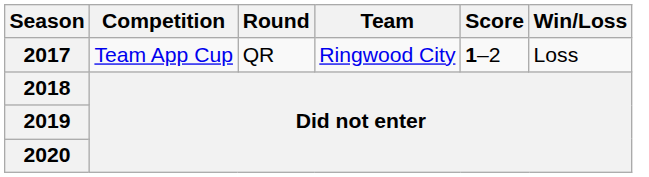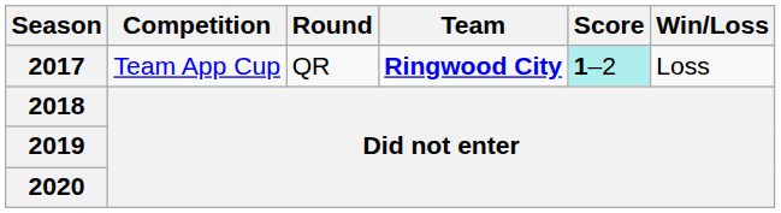 <table class="wikitable">
 <tr>
 <th>Season</th>
 <th>Competition</th>
 <th>Round</th>
 <th>Team</th>
 <th>Score</th>
 <th>Win/Loss</th>
 </tr>
 <tr>
 <th>2017</th>
 <td><a href='#'>Team App Cup</a></td>
 <td>QR</td>
-<td><a href='#'>Ringwood City</a></td>
-<td><strong>1</strong>–2</td>
+<td><strong><a href='#'>Ringwood City</a></strong></td>
+<td style="background: paleturquoise;"><strong>1</strong>–2</td>
 <td>Loss</td>
 </tr>
 <tr>
 <th>2018</th>
 <th colspan="5" rowspan="3">Did not enter</th>
 </tr>
 <tr>
 <th>2019</th>
 </tr>
 <tr>
 <th>2020</th>
 </tr>
 </table>
